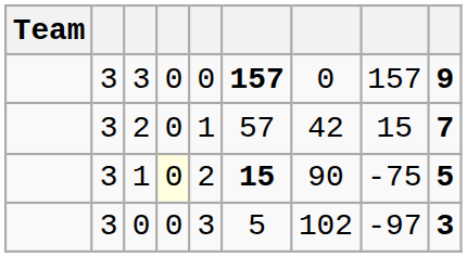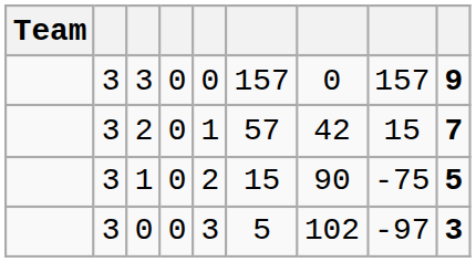 <table class="wikitable" style="text-align: center;">
 <tr>
 <th>Team</th>
 <th></th>
 <th></th>
 <th></th>
 <th></th>
 <th></th>
 <th></th>
 <th></th>
 <th></th>
 </tr>
 <tr>
 <td align="left"></td>
 <td>3</td>
 <td>3</td>
 <td>0</td>
 <td>0</td>
-<td><strong>157</strong></td>
+<td>157</td>
 <td>0</td>
 <td>157</td>
 <td><strong>9</strong></td>
 </tr>
 <tr>
 <td align="left"></td>
 <td>3</td>
 <td>2</td>
 <td>0</td>
 <td>1</td>
 <td>57</td>
 <td>42</td>
 <td>15</td>
 <td><strong>7</strong></td>
 </tr>
 <tr>
 <td align="left"></td>
 <td>3</td>
 <td>1</td>
-<td style="background: lightyellow;">0</td>
+<td>0</td>
 <td>2</td>
-<td><strong>15</strong></td>
+<td>15</td>
 <td>90</td>
 <td>-75</td>
 <td><strong>5</strong></td>
 </tr>
 <tr>
 <td align="left"></td>
 <td>3</td>
 <td>0</td>
 <td>0</td>
 <td>3</td>
 <td>5</td>
 <td>102</td>
 <td>-97</td>
 <td><strong>3</strong></td>
 </tr>
 </table>
